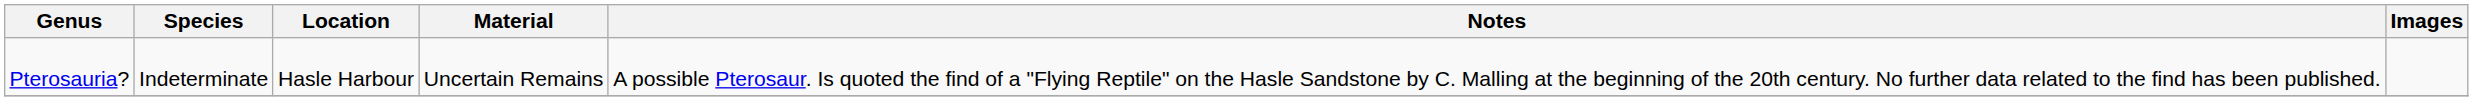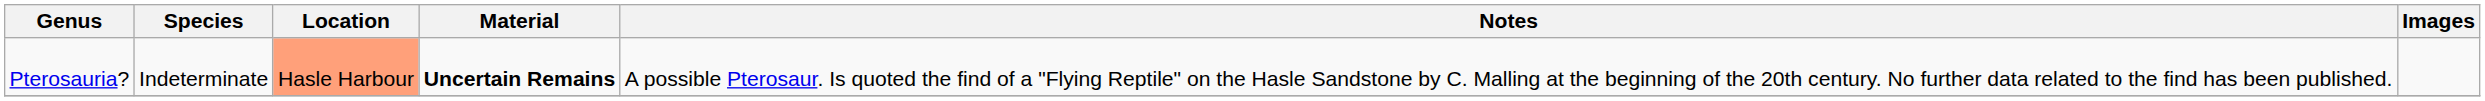 <table class ="wikitable" align="center">
 <tr>
 <th>Genus</th>
 <th>Species</th>
 <th>Location</th>
 <th>Material</th>
 <th>Notes</th>
 <th>Images</th>
 </tr>
 <tr>
 <td><br><a href='#'>Pterosauria</a>?</td>
 <td><br>Indeterminate</td>
-<td><br>Hasle Harbour</td>
-<td><br>Uncertain Remains</td>
+<td style="background: lightsalmon;"><br>Hasle Harbour</td>
+<td><strong><br>Uncertain Remains</strong></td>
 <td><br>A possible <a href='#'>Pterosaur</a>. Is quoted the find of a "Flying Reptile" on the Hasle Sandstone by C. Malling at the beginning of the 20th century. No further data related to the find has been published.</td>
 <td><br></td>
 </tr>
 <tr>
 </tr>
 </table>
